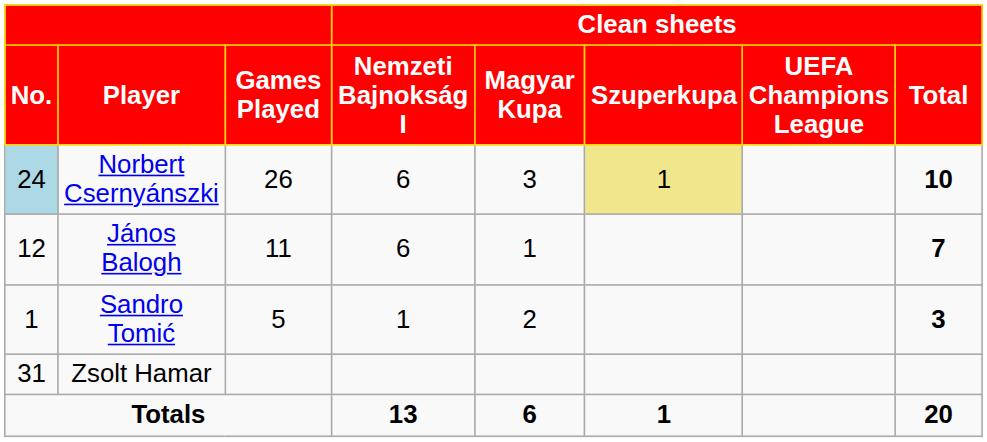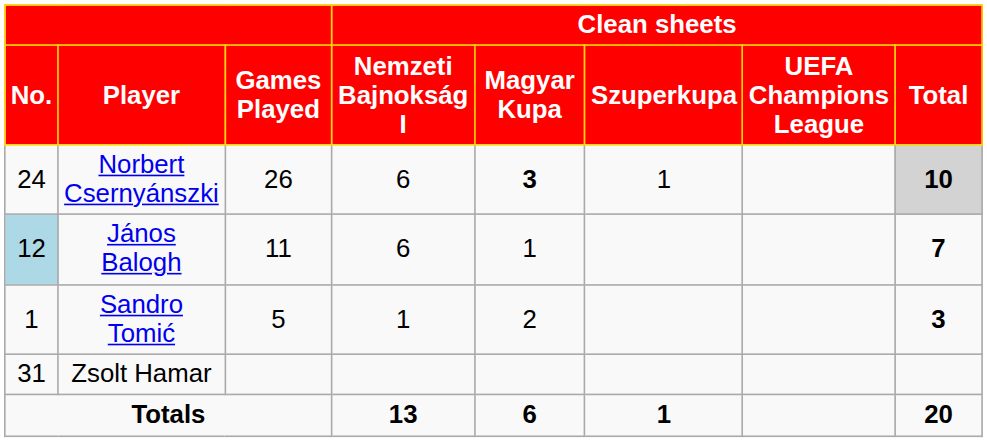 <table class="wikitable sortable alternance" style="text-align:center">
 <tr>
 <th colspan="3" style="background:red;border:1px solid gold"></th>
 <th colspan="5" style="background:red;color:white;border:1px solid gold">Clean sheets</th>
 </tr>
 <tr>
 <th style="background-color:red;color:white;border:1px solid gold">No.</th>
 <th style="background-color:red;color:white;border:1px solid gold">Player</th>
 <th width=80 style="background-color:red;color:white;border:1px solid gold">Games Played</th>
 <th width=80 style="background-color:red;color:white;border:1px solid gold">Nemzeti Bajnokság I</th>
 <th width=80 style="background-color:red;color:white;border:1px solid gold">Magyar Kupa</th>
 <th width=80 style="background-color:red;color:white;border:1px solid gold">Szuperkupa</th>
 <th width=80 style="background-color:red;color:white;border:1px solid gold">UEFA Champions League</th>
 <th width=80 style="background-color:red;color:white;border:1px solid gold">Total</th>
 </tr>
 <tr>
-<td style="background: lightblue;">24</td>
+<td>24</td>
 <td> <a href='#'>Norbert Csernyánszki</a></td>
 <td>26</td>
 <td>6</td>
-<td>3</td>
-<td style="background: khaki;">1</td>
+<td><strong>3</strong></td>
+<td>1</td>
 <td></td>
-<td><strong>10</strong></td>
+<td style="background: lightgrey;"><strong>10</strong></td>
 </tr>
 <tr>
-<td>12</td>
+<td style="background: lightblue;">12</td>
 <td> <a href='#'>János Balogh</a></td>
 <td>11</td>
 <td>6</td>
 <td>1</td>
 <td></td>
 <td></td>
 <td><strong>7</strong></td>
 </tr>
 <tr>
 <td>1</td>
 <td> <a href='#'>Sandro Tomić</a></td>
 <td>5</td>
 <td>1</td>
 <td>2</td>
 <td></td>
 <td></td>
 <td><strong>3</strong></td>
 </tr>
 <tr>
 <td>31</td>
 <td> Zsolt Hamar</td>
 <td></td>
 <td></td>
 <td></td>
 <td></td>
 <td></td>
 <td></td>
 </tr>
 <tr class="sortbottom">
 <td colspan="3"><strong>Totals</strong></td>
 <td><strong>13</strong></td>
 <td><strong>6</strong></td>
 <td><strong>1</strong></td>
 <td></td>
 <td><strong>20</strong></td>
 </tr>
 </table>
